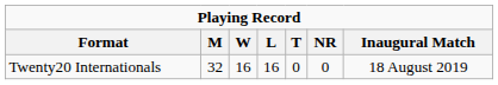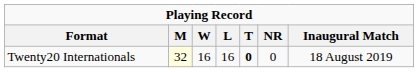 <table class="wikitable" style="text-align: center; width: 500px;">
 <tr>
 <td colspan=7 align="center"><strong>Playing Record</strong></td>
 </tr>
 <tr>
 <th>Format</th>
 <th>M</th>
 <th>W</th>
 <th>L</th>
 <th>T</th>
 <th>NR</th>
 <th>Inaugural Match</th>
 </tr>
 <tr>
 <td align="left">Twenty20 Internationals</td>
-<td>32</td>
+<td style="background: lightyellow;">32</td>
 <td>16</td>
 <td>16</td>
-<td>0</td>
+<td><strong>0</strong></td>
 <td>0</td>
 <td>18 August 2019</td>
 </tr>
 </table>
